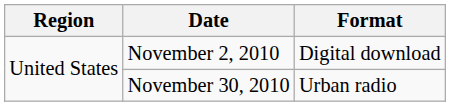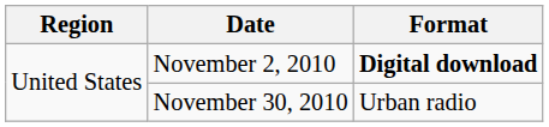 <table class="wikitable">
 <tr>
 <th>Region</th>
 <th>Date</th>
 <th>Format</th>
 </tr>
 <tr>
 <td rowspan="2">United States</td>
 <td>November 2, 2010</td>
-<td>Digital download</td>
+<td><strong>Digital download</strong></td>
 </tr>
 <tr>
 <td>November 30, 2010</td>
 <td>Urban radio</td>
 </tr>
 </table>
